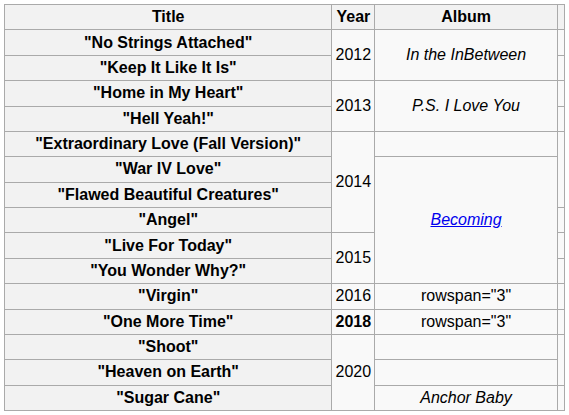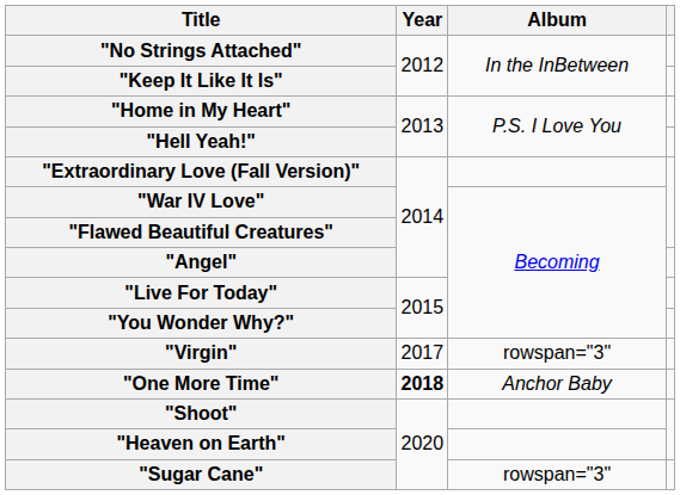 <table class="wikitable plainrowheaders" style="text-align:center;">
 <tr>
 <th scope="col", style="width:320px;">Title</th>
 <th scope="col">Year</th>
 <th scope="col", style="width:175px;">Album</th>
 <th scope="col"></th>
 </tr>
 <tr>
 <th scope="row">"No Strings Attached" </th>
 <td rowspan="2", style="text-align:center;">2012</td>
 <td rowspan="2"><em>In the InBetween</em></td>
 <td style="text-align:center;"></td>
 </tr>
 <tr>
 <th scope="row">"Keep It Like It Is"</th>
 <td style="text-align:center;"></td>
 </tr>
 <tr>
 <th scope="row">"Home in My Heart"</th>
 <td rowspan="2", style="text-align:center;">2013</td>
 <td rowspan="2"><em>P.S. I Love You</em></td>
 <td style="text-align:center;"></td>
 </tr>
 <tr>
 <th scope="row">"Hell Yeah!" </th>
 <td style="text-align:center;"></td>
 </tr>
 <tr>
 <th scope="row">"Extraordinary Love (Fall Version)"</th>
 <td rowspan="4", style="text-align:center;">2014</td>
 <td></td>
 <td rowspan="3", style="text-align:center;"></td>
 </tr>
 <tr>
 <th scope="row">"War IV Love"</th>
 <td rowspan="5"><em><a href='#'>Becoming</a></em></td>
 </tr>
 <tr>
 <th scope="row">"Flawed Beautiful Creatures"</th>
 </tr>
 <tr>
 <th scope="row">"Angel" </th>
 <td style="text-align:center;"></td>
 </tr>
 <tr>
 <th scope="row">"Live For Today" </th>
 <td rowspan="2", style="text-align:center;">2015</td>
 <td style="text-align:center;"></td>
 </tr>
 <tr>
 <th scope="row">"You Wonder Why?"</th>
 <td style="text-align:center;"></td>
 </tr>
 <tr>
 <th scope="row">"Virgin"</th>
-<td style="text-align:center;">2016</td>
+<td style="text-align:center;">2017</td>
 <td>rowspan="3" </td>
 <td style="text-align:center;"></td>
 </tr>
 <tr>
 <th scope="row">"One More Time" </th>
 <td style="text-align:center;"><strong>2018</strong></td>
-<td>rowspan="3" </td>
+<td><em>Anchor Baby</em></td>
 <td style="text-align:center;"></td>
 </tr>
 <tr>
 <th scope="row">"Shoot"</th>
 <td rowspan="3", style="text-align:center;">2020</td>
 <td style="text-align:center;"></td>
 </tr>
 <tr>
 <th scope="row">"Heaven on Earth" </th>
 <td style="text-align:center;"></td>
 </tr>
 <tr>
 <th scope="row">"Sugar Cane" </th>
-<td><em>Anchor Baby</em></td>
+<td>rowspan="3" </td>
 <td style="text-align:center;"></td>
 </tr>
 </table>
